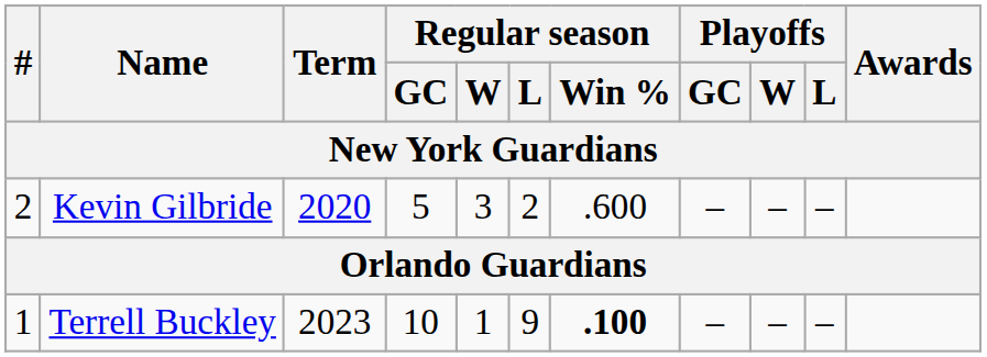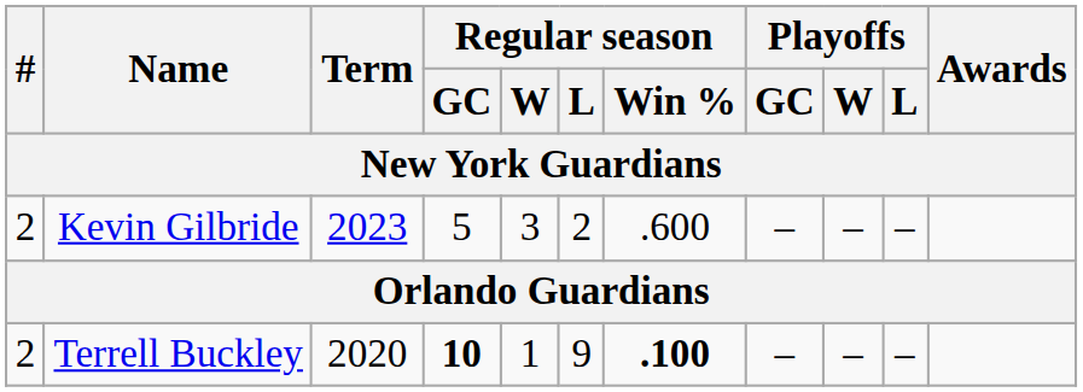 <table class="wikitable" style="text-align:center">
 <tr>
 <th rowspan="2">#</th>
 <th rowspan="2">Name</th>
 <th rowspan="2">Term</th>
 <th colspan="4">Regular season</th>
 <th colspan="3">Playoffs</th>
 <th rowspan="2">Awards</th>
 </tr>
 <tr>
 <th>GC</th>
 <th>W</th>
 <th>L</th>
 <th>Win %</th>
 <th>GC</th>
 <th>W</th>
 <th>L</th>
 </tr>
 <tr>
 <th colspan="11">New York Guardians</th>
 </tr>
 <tr>
 <td>2</td>
 <td><a href='#'>Kevin Gilbride</a></td>
-<td><a href='#'>2020</a></td>
+<td><a href='#'>2023</a></td>
 <td>5</td>
 <td>3</td>
 <td>2</td>
 <td>.600</td>
 <td>–</td>
 <td>–</td>
 <td>–</td>
 <td></td>
 </tr>
 <tr>
 <th colspan="11">Orlando Guardians</th>
 </tr>
 <tr>
-<td>1</td>
+<td>2</td>
 <td><a href='#'>Terrell Buckley</a></td>
-<td>2023</td>
-<td>10</td>
+<td>2020</td>
+<td><strong>10</strong></td>
 <td>1</td>
 <td>9</td>
 <td><strong>.100</strong></td>
 <td>–</td>
 <td>–</td>
 <td>–</td>
 <td></td>
 </tr>
 </table>
